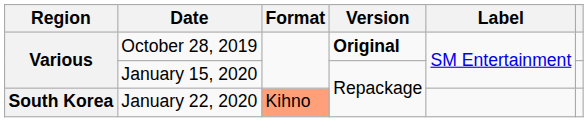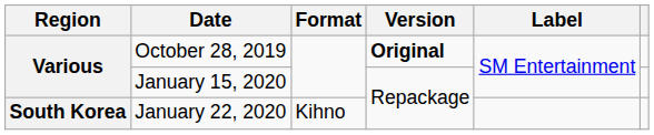 <table class="wikitable plainrowheaders">
 <tr>
 <th>Region</th>
 <th>Date</th>
 <th>Format</th>
 <th>Version</th>
 <th>Label</th>
 <th></th>
 </tr>
 <tr>
 <th scope="row" rowspan="2">Various</th>
 <td>October 28, 2019</td>
 <td rowspan="2"></td>
 <td><strong>Original</strong></td>
 <td rowspan="2"><a href='#'>SM Entertainment</a></td>
 <td></td>
 </tr>
 <tr>
 <td>January 15, 2020</td>
 <td rowspan="2">Repackage</td>
 <td></td>
 </tr>
 <tr>
 <th scope="row">South Korea</th>
 <td>January 22, 2020</td>
-<td style="background: lightsalmon;">Kihno</td>
+<td>Kihno</td>
 <td></td>
 <td></td>
 </tr>
 </table>
